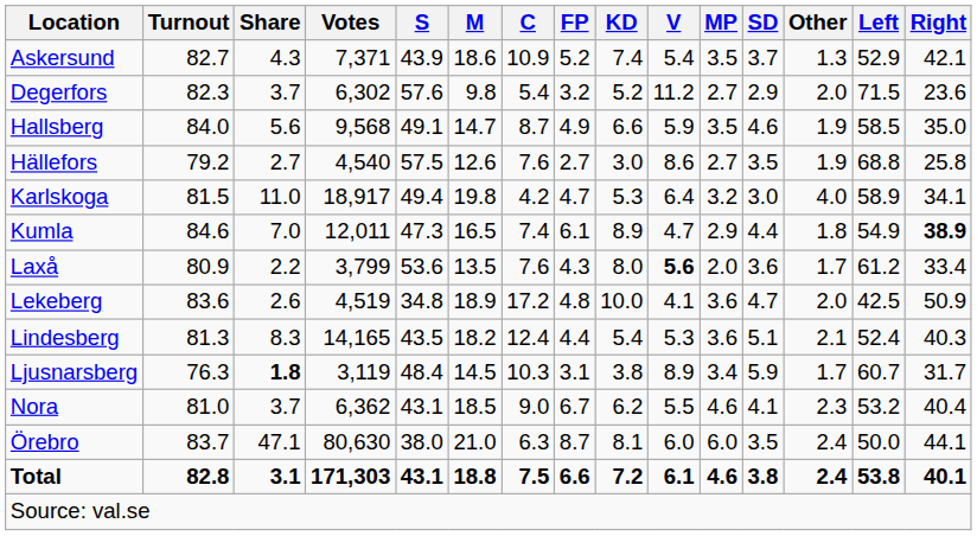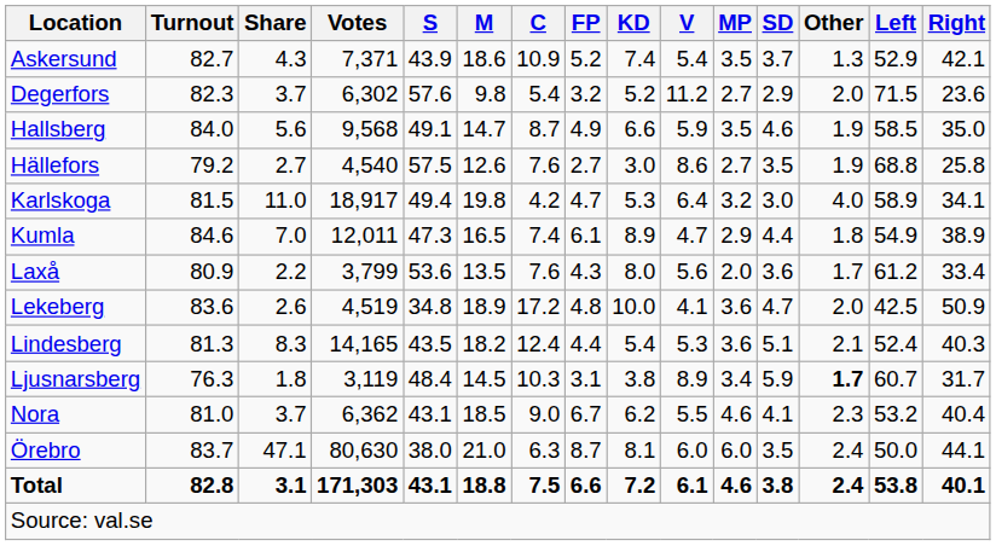 <table class="wikitable sortable" style=text-align:right>
 <tr>
 <th>Location</th>
 <th>Turnout</th>
 <th>Share</th>
 <th>Votes</th>
 <th><a href='#'>S</a></th>
 <th><a href='#'>M</a></th>
 <th><a href='#'>C</a></th>
 <th><a href='#'>FP</a></th>
 <th><a href='#'>KD</a></th>
 <th><a href='#'>V</a></th>
 <th><a href='#'>MP</a></th>
 <th><a href='#'>SD</a></th>
 <th>Other</th>
 <th><a href='#'>Left</a></th>
 <th><a href='#'>Right</a></th>
 </tr>
 <tr>
 <td align=left><a href='#'>Askersund</a></td>
 <td>82.7</td>
 <td>4.3</td>
 <td>7,371</td>
 <td>43.9</td>
 <td>18.6</td>
 <td>10.9</td>
 <td>5.2</td>
 <td>7.4</td>
 <td>5.4</td>
 <td>3.5</td>
 <td>3.7</td>
 <td>1.3</td>
 <td>52.9</td>
 <td>42.1</td>
 </tr>
 <tr>
 <td align=left><a href='#'>Degerfors</a></td>
 <td>82.3</td>
 <td>3.7</td>
 <td>6,302</td>
 <td>57.6</td>
 <td>9.8</td>
 <td>5.4</td>
 <td>3.2</td>
 <td>5.2</td>
 <td>11.2</td>
 <td>2.7</td>
 <td>2.9</td>
 <td>2.0</td>
 <td>71.5</td>
 <td>23.6</td>
 </tr>
 <tr>
 <td align=left><a href='#'>Hallsberg</a></td>
 <td>84.0</td>
 <td>5.6</td>
 <td>9,568</td>
 <td>49.1</td>
 <td>14.7</td>
 <td>8.7</td>
 <td>4.9</td>
 <td>6.6</td>
 <td>5.9</td>
 <td>3.5</td>
 <td>4.6</td>
 <td>1.9</td>
 <td>58.5</td>
 <td>35.0</td>
 </tr>
 <tr>
 <td align=left><a href='#'>Hällefors</a></td>
 <td>79.2</td>
 <td>2.7</td>
 <td>4,540</td>
 <td>57.5</td>
 <td>12.6</td>
 <td>7.6</td>
 <td>2.7</td>
 <td>3.0</td>
 <td>8.6</td>
 <td>2.7</td>
 <td>3.5</td>
 <td>1.9</td>
 <td>68.8</td>
 <td>25.8</td>
 </tr>
 <tr>
 <td align=left><a href='#'>Karlskoga</a></td>
 <td>81.5</td>
 <td>11.0</td>
 <td>18,917</td>
 <td>49.4</td>
 <td>19.8</td>
 <td>4.2</td>
 <td>4.7</td>
 <td>5.3</td>
 <td>6.4</td>
 <td>3.2</td>
 <td>3.0</td>
 <td>4.0</td>
 <td>58.9</td>
 <td>34.1</td>
 </tr>
 <tr>
 <td align=left><a href='#'>Kumla</a></td>
 <td>84.6</td>
 <td>7.0</td>
 <td>12,011</td>
 <td>47.3</td>
 <td>16.5</td>
 <td>7.4</td>
 <td>6.1</td>
 <td>8.9</td>
 <td>4.7</td>
 <td>2.9</td>
 <td>4.4</td>
 <td>1.8</td>
 <td>54.9</td>
-<td><strong>38.9</strong></td>
+<td>38.9</td>
 </tr>
 <tr>
 <td align=left><a href='#'>Laxå</a></td>
 <td>80.9</td>
 <td>2.2</td>
 <td>3,799</td>
 <td>53.6</td>
 <td>13.5</td>
 <td>7.6</td>
 <td>4.3</td>
 <td>8.0</td>
-<td><strong>5.6</strong></td>
+<td>5.6</td>
 <td>2.0</td>
 <td>3.6</td>
 <td>1.7</td>
 <td>61.2</td>
 <td>33.4</td>
 </tr>
 <tr>
 <td align=left><a href='#'>Lekeberg</a></td>
 <td>83.6</td>
 <td>2.6</td>
 <td>4,519</td>
 <td>34.8</td>
 <td>18.9</td>
 <td>17.2</td>
 <td>4.8</td>
 <td>10.0</td>
 <td>4.1</td>
 <td>3.6</td>
 <td>4.7</td>
 <td>2.0</td>
 <td>42.5</td>
 <td>50.9</td>
 </tr>
 <tr>
 <td align=left><a href='#'>Lindesberg</a></td>
 <td>81.3</td>
 <td>8.3</td>
 <td>14,165</td>
 <td>43.5</td>
 <td>18.2</td>
 <td>12.4</td>
 <td>4.4</td>
 <td>5.4</td>
 <td>5.3</td>
 <td>3.6</td>
 <td>5.1</td>
 <td>2.1</td>
 <td>52.4</td>
 <td>40.3</td>
 </tr>
 <tr>
 <td align=left><a href='#'>Ljusnarsberg</a></td>
 <td>76.3</td>
-<td><strong>1.8</strong></td>
+<td>1.8</td>
 <td>3,119</td>
 <td>48.4</td>
 <td>14.5</td>
 <td>10.3</td>
 <td>3.1</td>
 <td>3.8</td>
 <td>8.9</td>
 <td>3.4</td>
 <td>5.9</td>
-<td>1.7</td>
+<td><strong>1.7</strong></td>
 <td>60.7</td>
 <td>31.7</td>
 </tr>
 <tr>
 <td align=left><a href='#'>Nora</a></td>
 <td>81.0</td>
 <td>3.7</td>
 <td>6,362</td>
 <td>43.1</td>
 <td>18.5</td>
 <td>9.0</td>
 <td>6.7</td>
 <td>6.2</td>
 <td>5.5</td>
 <td>4.6</td>
 <td>4.1</td>
 <td>2.3</td>
 <td>53.2</td>
 <td>40.4</td>
 </tr>
 <tr>
 <td align=left><a href='#'>Örebro</a></td>
 <td>83.7</td>
 <td>47.1</td>
 <td>80,630</td>
 <td>38.0</td>
 <td>21.0</td>
 <td>6.3</td>
 <td>8.7</td>
 <td>8.1</td>
 <td>6.0</td>
 <td>6.0</td>
 <td>3.5</td>
 <td>2.4</td>
 <td>50.0</td>
 <td>44.1</td>
 </tr>
 <tr>
 <td align=left><strong>Total</strong></td>
 <td><strong>82.8</strong></td>
 <td><strong>3.1</strong></td>
 <td><strong>171,303</strong></td>
 <td><strong>43.1</strong></td>
 <td><strong>18.8</strong></td>
 <td><strong>7.5</strong></td>
 <td><strong>6.6</strong></td>
 <td><strong>7.2</strong></td>
 <td><strong>6.1</strong></td>
 <td><strong>4.6</strong></td>
 <td><strong>3.8</strong></td>
 <td><strong>2.4</strong></td>
 <td><strong>53.8</strong></td>
 <td><strong>40.1</strong></td>
 </tr>
 <tr>
 <td align=left colspan=15>Source: val.se </td>
 </tr>
 </table>
